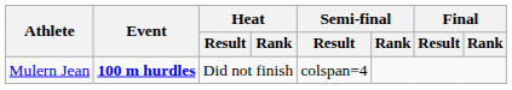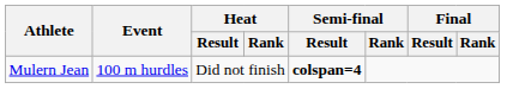 <table class=wikitable style=font-size:90%>
 <tr>
 <th rowspan=2>Athlete</th>
 <th rowspan=2>Event</th>
 <th colspan=2>Heat</th>
 <th colspan=2>Semi-final</th>
 <th colspan=2>Final</th>
 </tr>
 <tr style=font-size:95%>
 <th>Result</th>
 <th>Rank</th>
 <th>Result</th>
 <th>Rank</th>
 <th>Result</th>
 <th>Rank</th>
 </tr>
 <tr align=center>
 <td align=left><a href='#'>Mulern Jean</a></td>
-<td align=left><strong><a href='#'>100 m hurdles</a></strong></td>
+<td align=left><a href='#'>100 m hurdles</a></td>
 <td colspan=2>Did not finish</td>
-<td>colspan=4 </td>
+<td><strong>colspan=4 </strong></td>
 </tr>
 </table>
